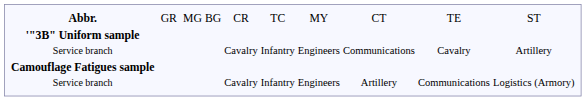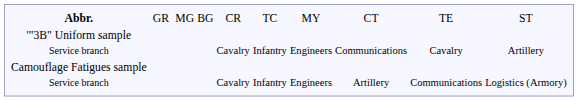 <table style="border:1px solid #8888aa; background-color:#f7f8ff; padding:5px; font-size:95%; margin: 0px 12px 12px 0px;">
 <tr style="text-align:center;">
 <th>Abbr.</th>
 <td colspan=2></td>
 <td colspan=2>GR</td>
 <td colspan=2></td>
 <td colspan=2>MG</td>
 <td colspan=2>BG</td>
 <td colspan=2>CR</td>
 <td colspan=2>TC</td>
 <td colspan=2>MY</td>
 <td colspan=2>CT</td>
 <td colspan=3>TE</td>
 <td colspan=3>ST<br></td>
 </tr>
 <tr align="center">
-<td><strong>'"3B" Uniform sample</strong></td>
+<td>'"3B" Uniform sample</td>
 <td colspan=2></td>
 <td colspan=2></td>
 <td colspan=2></td>
 <td colspan=2></td>
 <td colspan=2></td>
 <td colspan=2></td>
 <td colspan=2></td>
 <td colspan=2></td>
 <td colspan=2></td>
 <td colspan=3></td>
 <td colspan=3></td>
 </tr>
 <tr align="center">
 <td style="font-size:small;">Service branch</td>
 <td colspan=2></td>
 <td colspan=2></td>
 <td colspan=2></td>
 <td colspan=2></td>
 <td colspan=2></td>
 <td colspan=2 style="font-size:0.9em">Cavalry</td>
 <td colspan=2 style="font-size:0.9em">Infantry</td>
 <td colspan=2 style="font-size:0.9em">Engineers</td>
 <td colspan=2 style="font-size:0.9em">Communications</td>
 <td colspan=3 style="font-size:0.9em">Cavalry</td>
 <td colspan=3 style="font-size:0.9em">Artillery</td>
 </tr>
 <tr align="center">
-<td><strong>Camouflage Fatigues sample</strong></td>
+<td>Camouflage Fatigues sample</td>
 <td colspan=2></td>
 <td colspan=2></td>
 <td colspan=2></td>
 <td colspan=2></td>
 <td colspan=2></td>
 <td colspan=2></td>
 <td colspan=2></td>
 <td colspan=2></td>
 <td colspan=2></td>
 <td colspan=3></td>
 <td colspan=3></td>
 </tr>
 <tr align="center">
 <td style="font-size:small;">Service branch</td>
 <td colspan=2></td>
 <td colspan=2></td>
 <td colspan=2></td>
 <td colspan=2></td>
 <td colspan=2></td>
 <td colspan=2 style="font-size:0.9em">Cavalry</td>
 <td colspan=2 style="font-size:0.9em">Infantry</td>
 <td colspan=2 style="font-size:0.9em">Engineers</td>
 <td colspan=2 style="font-size:0.9em">Artillery</td>
 <td colspan=3 style="font-size:0.9em">Communications</td>
 <td colspan=3 style="font-size:0.9em">Logistics (Armory)</td>
 </tr>
 </table>
